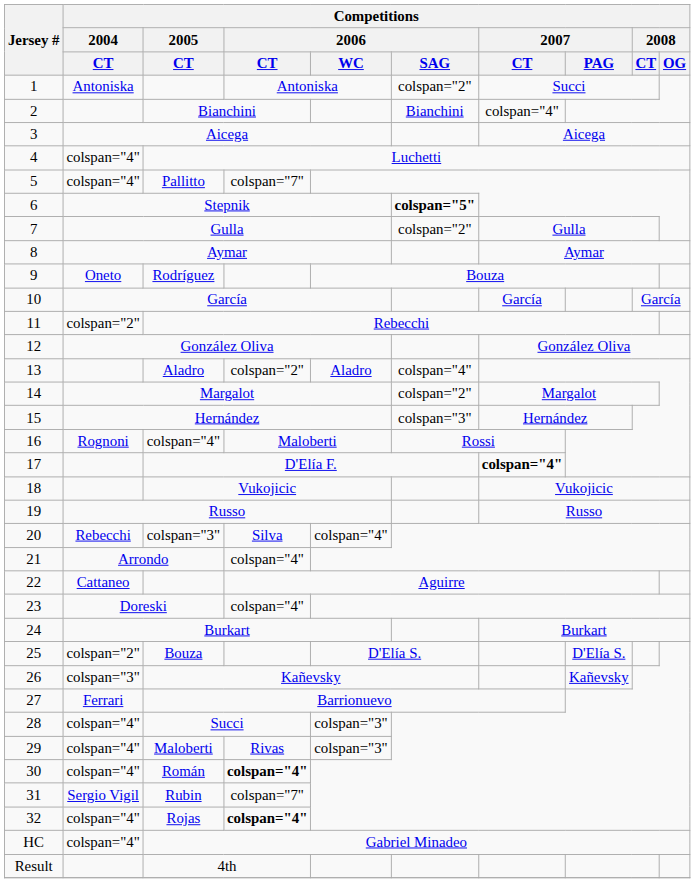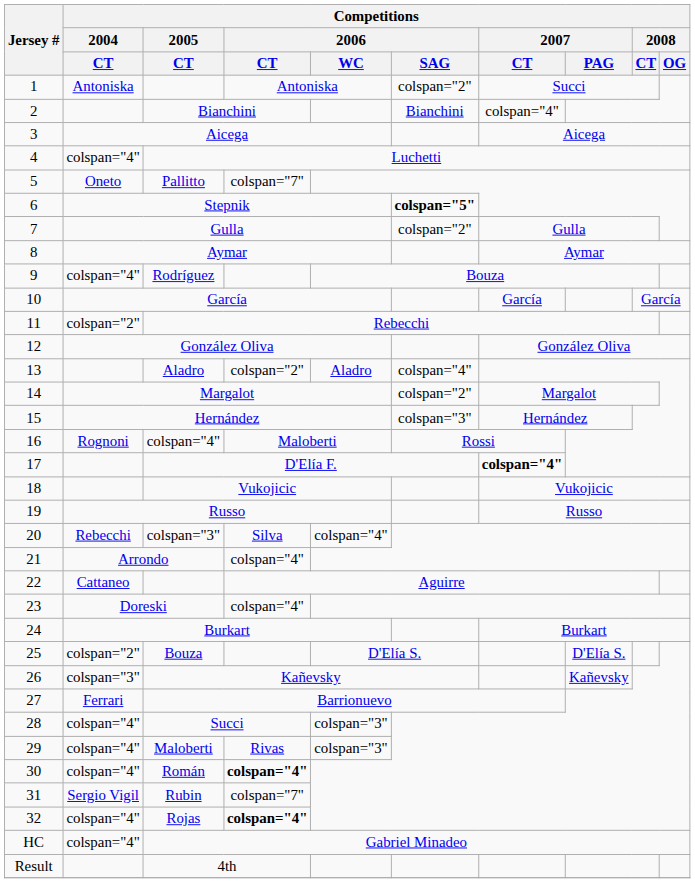 <table class="wikitable" style="text-align:center">
 <tr>
 <th rowspan="3">Jersey #</th>
 <th colspan="9">Competitions</th>
 </tr>
 <tr>
 <th>2004</th>
 <th>2005</th>
 <th colspan="3">2006</th>
 <th colspan="2">2007</th>
 <th colspan="2">2008</th>
 </tr>
 <tr>
 <th><a href='#'>CT</a></th>
 <th><a href='#'>CT</a></th>
 <th><a href='#'>CT</a></th>
 <th><a href='#'>WC</a></th>
 <th><a href='#'>SAG</a></th>
 <th><a href='#'>CT</a></th>
 <th><a href='#'>PAG</a></th>
 <th><a href='#'>CT</a></th>
 <th><a href='#'>OG</a></th>
 </tr>
 <tr>
 <td>1</td>
 <td><a href='#'>Antoniska</a></td>
 <td></td>
 <td colspan="2"><a href='#'>Antoniska</a></td>
 <td>colspan="2"</td>
 <td colspan="3"><a href='#'>Succi</a></td>
 </tr>
 <tr>
 <td>2</td>
 <td></td>
 <td colspan="2"><a href='#'>Bianchini</a></td>
 <td></td>
 <td><a href='#'>Bianchini</a></td>
 <td>colspan="4"</td>
 </tr>
 <tr>
 <td>3</td>
 <td colspan="4"><a href='#'>Aicega</a></td>
 <td></td>
 <td colspan="4"><a href='#'>Aicega</a></td>
 </tr>
 <tr>
 <td>4</td>
 <td>colspan="4"</td>
 <td colspan="8"><a href='#'>Luchetti</a></td>
 </tr>
 <tr>
 <td>5</td>
-<td>colspan="4"</td>
+<td><a href='#'>Oneto</a></td>
 <td><a href='#'>Pallitto</a></td>
 <td>colspan="7"</td>
 </tr>
 <tr>
 <td>6</td>
 <td colspan="4"><a href='#'>Stepnik</a></td>
 <td><strong>colspan="5"</strong></td>
 </tr>
 <tr>
 <td>7</td>
 <td colspan="4"><a href='#'>Gulla</a></td>
 <td>colspan="2"</td>
 <td colspan="3"><a href='#'>Gulla</a></td>
 </tr>
 <tr>
 <td>8</td>
 <td colspan="4"><a href='#'>Aymar</a></td>
 <td></td>
 <td colspan="4"><a href='#'>Aymar</a></td>
 </tr>
 <tr>
 <td>9</td>
-<td><a href='#'>Oneto</a></td>
+<td>colspan="4"</td>
 <td><a href='#'>Rodríguez</a></td>
 <td></td>
 <td colspan="5"><a href='#'>Bouza</a></td>
 <td></td>
 </tr>
 <tr>
 <td>10</td>
 <td colspan="4"><a href='#'>García</a></td>
 <td></td>
 <td><a href='#'>García</a></td>
 <td></td>
 <td colspan="2"><a href='#'>García</a></td>
 </tr>
 <tr>
 <td>11</td>
 <td>colspan="2"</td>
 <td colspan="7"><a href='#'>Rebecchi</a></td>
 </tr>
 <tr>
 <td>12</td>
 <td colspan="4"><a href='#'>González Oliva</a></td>
 <td></td>
 <td colspan="4"><a href='#'>González Oliva</a></td>
 </tr>
 <tr>
 <td>13</td>
 <td></td>
 <td><a href='#'>Aladro</a></td>
 <td>colspan="2"</td>
 <td><a href='#'>Aladro</a></td>
 <td>colspan="4" </td>
 </tr>
 <tr>
 <td>14</td>
 <td colspan="4"><a href='#'>Margalot</a></td>
 <td>colspan="2"</td>
 <td colspan="3"><a href='#'>Margalot</a></td>
 </tr>
 <tr>
 <td>15</td>
 <td colspan="4"><a href='#'>Hernández</a></td>
 <td>colspan="3"</td>
 <td colspan="2"><a href='#'>Hernández</a></td>
 </tr>
 <tr>
 <td>16</td>
 <td><a href='#'>Rognoni</a></td>
 <td>colspan="4"</td>
 <td colspan="2"><a href='#'>Maloberti</a></td>
 <td colspan="2"><a href='#'>Rossi</a></td>
 </tr>
 <tr>
 <td>17</td>
 <td></td>
 <td colspan="4"><a href='#'>D'Elía F.</a></td>
 <td><strong>colspan="4"</strong></td>
 </tr>
 <tr>
 <td>18</td>
 <td></td>
 <td colspan="3"><a href='#'>Vukojicic</a></td>
 <td></td>
 <td colspan="4"><a href='#'>Vukojicic</a></td>
 </tr>
 <tr>
 <td>19</td>
 <td colspan="4"><a href='#'>Russo</a></td>
 <td></td>
 <td colspan="4"><a href='#'>Russo</a></td>
 </tr>
 <tr>
 <td>20</td>
 <td><a href='#'>Rebecchi</a></td>
 <td>colspan="3"</td>
 <td><a href='#'>Silva</a></td>
 <td>colspan="4"</td>
 </tr>
 <tr>
 <td>21</td>
 <td colspan="2"><a href='#'>Arrondo</a></td>
 <td>colspan="4"</td>
 </tr>
 <tr>
 <td>22</td>
 <td><a href='#'>Cattaneo</a></td>
 <td></td>
 <td colspan="6"><a href='#'>Aguirre</a></td>
 <td></td>
 </tr>
 <tr>
 <td>23</td>
 <td colspan="2"><a href='#'>Doreski</a></td>
 <td>colspan="4"</td>
 </tr>
 <tr>
 <td>24</td>
 <td colspan="4"><a href='#'>Burkart</a></td>
 <td></td>
 <td colspan="4"><a href='#'>Burkart</a></td>
 </tr>
 <tr>
 <td>25</td>
 <td>colspan="2"</td>
 <td><a href='#'>Bouza</a></td>
 <td></td>
 <td colspan="2"><a href='#'>D'Elía S.</a></td>
 <td></td>
 <td><a href='#'>D'Elía S.</a></td>
 <td></td>
 </tr>
 <tr>
 <td>26</td>
 <td>colspan="3"</td>
 <td colspan="4"><a href='#'>Kañevsky</a></td>
 <td></td>
 <td><a href='#'>Kañevsky</a></td>
 </tr>
 <tr>
 <td>27</td>
 <td><a href='#'>Ferrari</a></td>
 <td colspan="5"><a href='#'>Barrionuevo</a></td>
 </tr>
 <tr>
 <td>28</td>
 <td>colspan="4"</td>
 <td colspan="2"><a href='#'>Succi</a></td>
 <td>colspan="3"</td>
 </tr>
 <tr>
 <td>29</td>
 <td>colspan="4"</td>
 <td><a href='#'>Maloberti</a></td>
 <td><a href='#'>Rivas</a></td>
 <td>colspan="3"</td>
 </tr>
 <tr>
 <td>30</td>
 <td>colspan="4"</td>
 <td><a href='#'>Román</a></td>
 <td><strong>colspan="4"</strong></td>
 </tr>
 <tr>
 <td>31</td>
 <td><a href='#'>Sergio Vigil</a></td>
 <td><a href='#'>Rubin</a></td>
 <td>colspan="7"</td>
 </tr>
 <tr>
 <td>32</td>
 <td>colspan="4"</td>
 <td><a href='#'>Rojas</a></td>
 <td><strong>colspan="4"</strong></td>
 </tr>
 <tr>
 <td>HC</td>
 <td>colspan="4"</td>
 <td colspan="8"><a href='#'>Gabriel Minadeo</a></td>
 </tr>
 <tr>
 <td>Result</td>
 <td></td>
 <td colspan="2">4th</td>
 <td></td>
 <td></td>
 <td></td>
 <td colspan="2"></td>
 <td></td>
 </tr>
 <tr>
 </tr>
 </table>
